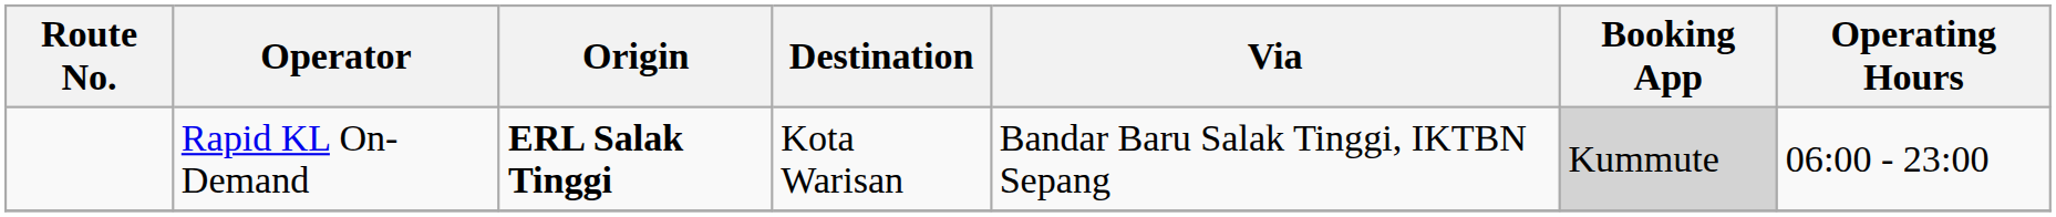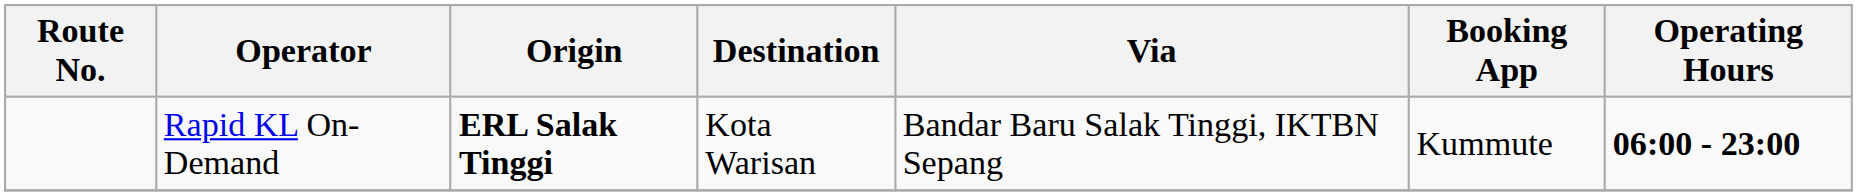 <table class="wikitable">
 <tr>
 <th>Route No.</th>
 <th>Operator</th>
 <th>Origin</th>
 <th>Destination</th>
 <th>Via</th>
 <th>Booking App</th>
 <th>Operating Hours</th>
 </tr>
 <tr>
 <td></td>
 <td><a href='#'>Rapid KL</a> On-Demand</td>
 <td> <strong>ERL Salak Tinggi</strong></td>
 <td>Kota Warisan</td>
 <td>Bandar Baru Salak Tinggi, IKTBN Sepang</td>
-<td style="background: lightgrey;">Kummute</td>
-<td>06:00 - 23:00</td>
+<td>Kummute</td>
+<td><strong>06:00 - 23:00</strong></td>
 </tr>
 <tr>
 </tr>
 </table>
